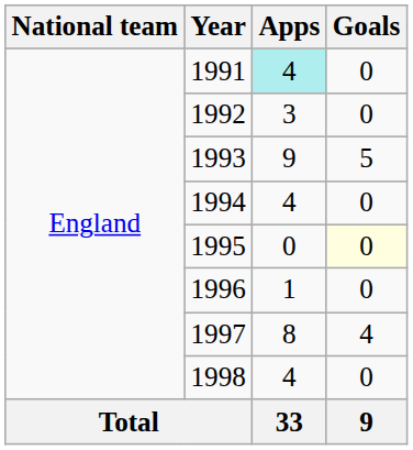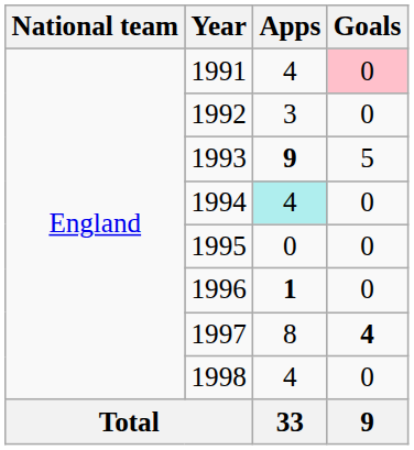 <table class="wikitable" style="text-align: center;">
 <tr>
 <th>National team</th>
 <th>Year</th>
 <th>Apps</th>
 <th>Goals</th>
 </tr>
 <tr>
 <td rowspan="8"><a href='#'>England</a></td>
 <td>1991</td>
-<td style="background: paleturquoise;">4</td>
-<td>0</td>
+<td>4</td>
+<td style="background: pink;">0</td>
 </tr>
 <tr>
 <td>1992</td>
 <td>3</td>
 <td>0</td>
 </tr>
 <tr>
 <td>1993</td>
-<td>9</td>
+<td><strong>9</strong></td>
 <td>5</td>
 </tr>
 <tr>
 <td>1994</td>
-<td>4</td>
+<td style="background: paleturquoise;">4</td>
 <td>0</td>
 </tr>
 <tr>
 <td>1995</td>
 <td>0</td>
-<td style="background: lightyellow;">0</td>
+<td>0</td>
 </tr>
 <tr>
 <td>1996</td>
-<td>1</td>
+<td><strong>1</strong></td>
 <td>0</td>
 </tr>
 <tr>
 <td>1997</td>
 <td>8</td>
-<td>4</td>
+<td><strong>4</strong></td>
 </tr>
 <tr>
 <td>1998</td>
 <td>4</td>
 <td>0</td>
 </tr>
 <tr>
 <th colspan="2">Total</th>
 <th>33</th>
 <th>9</th>
 </tr>
 </table>
